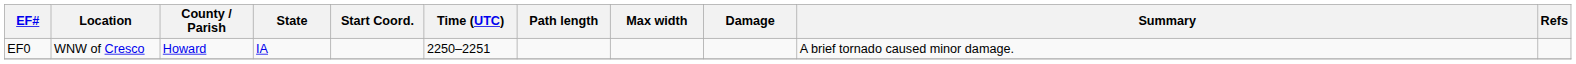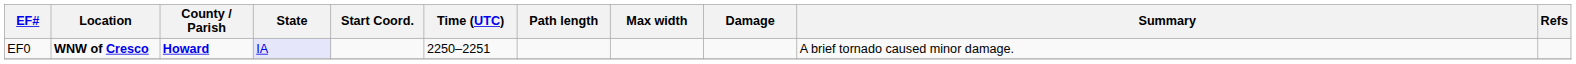 <table class="wikitable sortable" style="width:100%;">
 <tr>
 <th scope="col"  style="width:3%; text-align:center;"><a href='#'>EF#</a></th>
 <th scope="col"  style="width:7%; text-align:center;" class="unsortable">Location</th>
 <th scope="col"  style="width:6%; text-align:center;" class="unsortable">County / Parish</th>
 <th scope="col"  style="width:5%; text-align:center;">State</th>
 <th scope="col"  style="width:6%; text-align:center;">Start Coord.</th>
 <th scope="col"  style="width:6%; text-align:center;">Time (<a href='#'>UTC</a>)</th>
 <th scope="col"  style="width:6%; text-align:center;">Path length</th>
 <th scope="col"  style="width:6%; text-align:center;">Max width</th>
 <th scope="col"  style="width:6%; text-align:center;">Damage</th>
 <th scope="col" class="unsortable" style="width:48%; text-align:center;">Summary</th>
 <th scope="col" class="unsortable" style="width:48%; text-align:center;">Refs</th>
 </tr>
 <tr>
 <td>EF0</td>
-<td>WNW of <a href='#'>Cresco</a></td>
-<td><a href='#'>Howard</a></td>
-<td><a href='#'>IA</a></td>
+<td><strong>WNW of <a href='#'>Cresco</a></strong></td>
+<td><strong><a href='#'>Howard</a></strong></td>
+<td style="background: lavender;"><a href='#'>IA</a></td>
 <td></td>
 <td>2250–2251</td>
 <td></td>
 <td></td>
 <td></td>
 <td>A brief tornado caused minor damage.</td>
 <td></td>
 </tr>
 <tr>
 </tr>
 </table>
